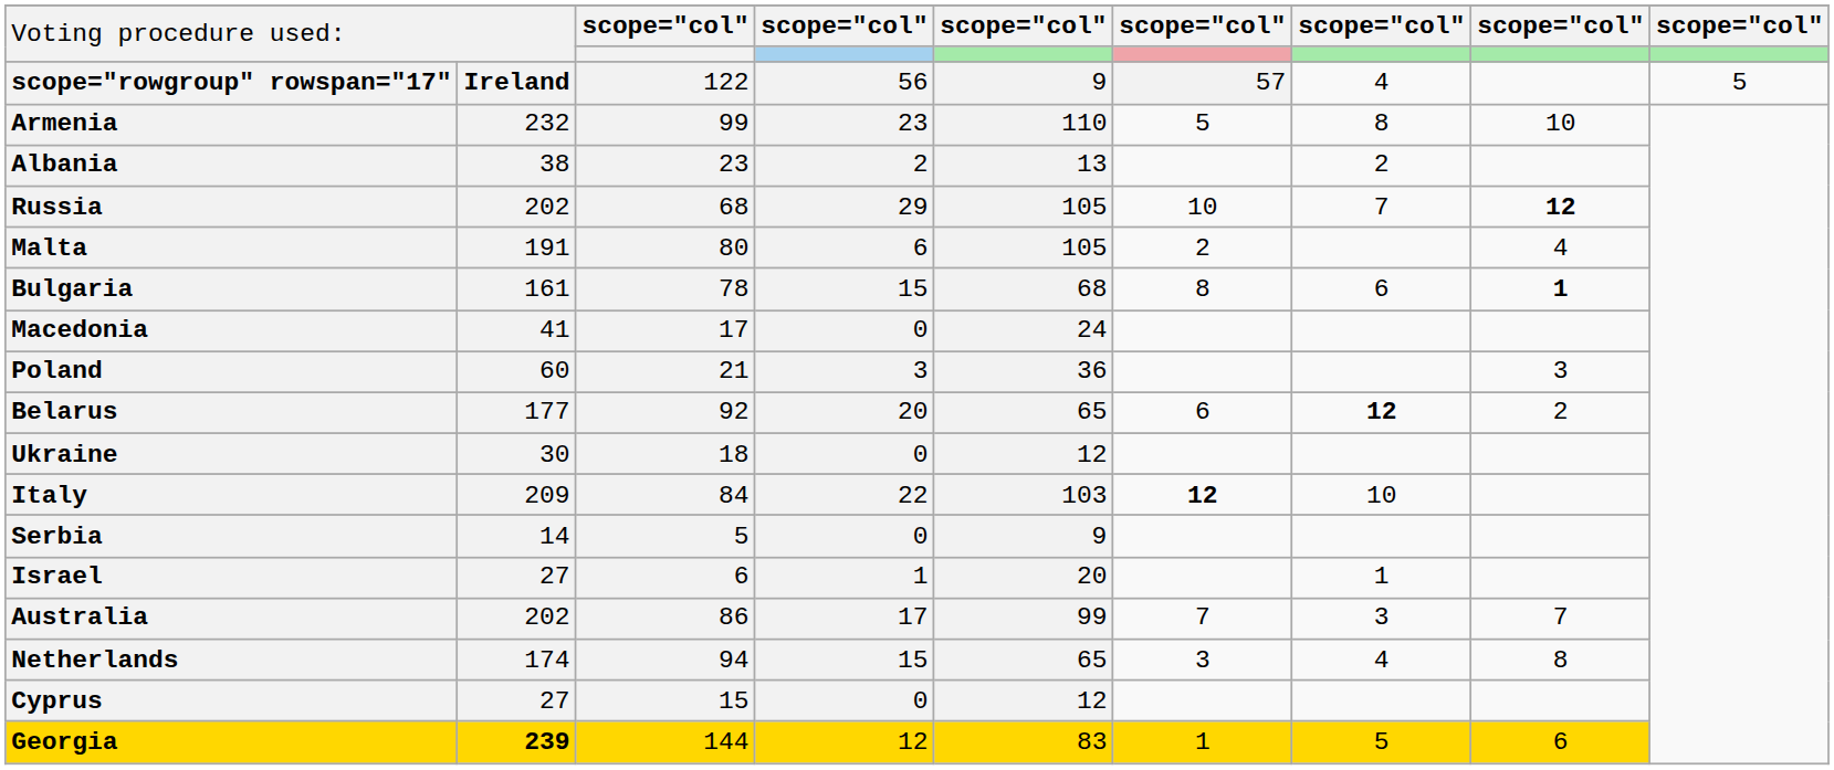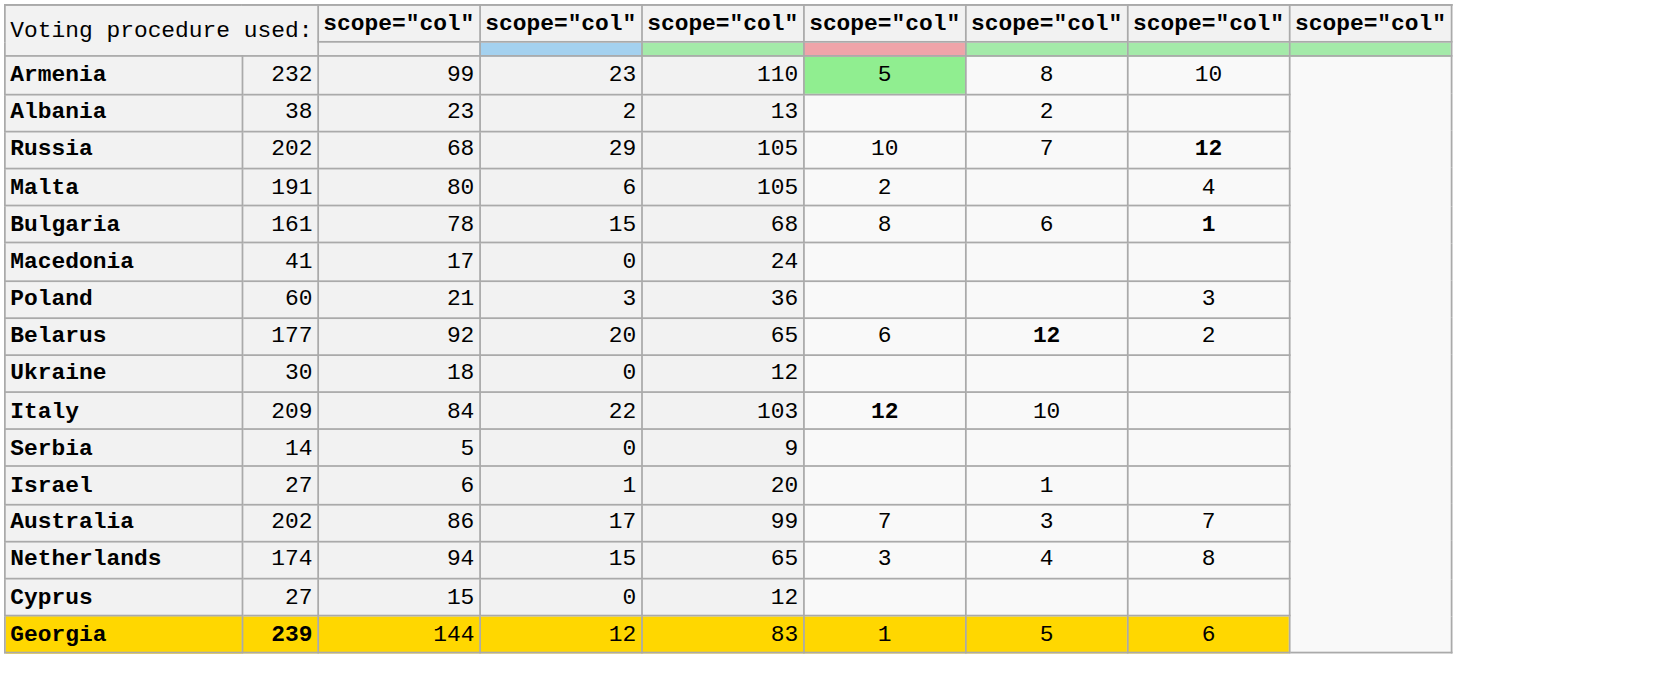 <table class="wikitable plainrowheaders" style="text-align:center;">
 <tr>
 </tr>
 <tr>
 <td colspan="2" rowspan="2" style="text-align:left; background:#F2F2F2">Voting procedure used:<br></td>
 <th>scope="col" </th>
 <th>scope="col" </th>
 <th>scope="col" </th>
 <th>scope="col" </th>
 <th>scope="col" </th>
 <th>scope="col" </th>
 <th>scope="col" </th>
 </tr>
 <tr>
 <th style="height:2px; border-top:1px solid transparent;"></th>
 <td style="background:#A4D1EF;"></td>
 <td style="background:#A4EAA9;"></td>
 <td style="background:#EFA4A9;"></td>
 <td style="background:#A4EAA9;"></td>
 <td style="background:#A4EAA9;"></td>
 <td style="background:#A4EAA9;"></td>
 </tr>
 <tr>
-<th>scope="rowgroup" rowspan="17" </th>
-<th scope="row" style="text-align:left; background:#f2f2f2;">Ireland</th>
-<td style="text-align:right; background:#f2f2f2;">122</td>
-<td style="text-align:right; background:#f2f2f2;">56</td>
-<td style="text-align:right; background:#f2f2f2;">9</td>
-<td style="text-align:right; background:#f2f2f2;">57</td>
-<td>4</td>
-<td></td>
-<td>5</td>
-</tr>
-<tr>
 <th scope="row" style="text-align:left; background:#f2f2f2;">Armenia</th>
 <td style="text-align:right; background:#f2f2f2;">232</td>
 <td style="text-align:right; background:#f2f2f2;">99</td>
 <td style="text-align:right; background:#f2f2f2;">23</td>
 <td style="text-align:right; background:#f2f2f2;">110</td>
-<td>5</td>
+<td style="background: lightgreen;">5</td>
 <td>8</td>
 <td>10</td>
 </tr>
 <tr>
 <th scope="row" style="text-align:left; background:#f2f2f2;">Albania</th>
 <td style="text-align:right; background:#f2f2f2;">38</td>
 <td style="text-align:right; background:#f2f2f2;">23</td>
 <td style="text-align:right; background:#f2f2f2;">2</td>
 <td style="text-align:right; background:#f2f2f2;">13</td>
 <td></td>
 <td>2</td>
 <td></td>
 </tr>
 <tr>
 <th scope="row" style="text-align:left; background:#f2f2f2;">Russia</th>
 <td style="text-align:right; background:#f2f2f2;">202</td>
 <td style="text-align:right; background:#f2f2f2;">68</td>
 <td style="text-align:right; background:#f2f2f2;">29</td>
 <td style="text-align:right; background:#f2f2f2;">105</td>
 <td>10</td>
 <td>7</td>
 <td><strong>12</strong></td>
 </tr>
 <tr>
 <th scope="row" style="text-align:left; background:#f2f2f2;">Malta</th>
 <td style="text-align:right; background:#f2f2f2;">191</td>
 <td style="text-align:right; background:#f2f2f2;">80</td>
 <td style="text-align:right; background:#f2f2f2;">6</td>
 <td style="text-align:right; background:#f2f2f2;">105</td>
 <td>2</td>
 <td></td>
 <td>4</td>
 </tr>
 <tr>
 <th scope="row" style="text-align:left; background:#f2f2f2;">Bulgaria</th>
 <td style="text-align:right; background:#f2f2f2;">161</td>
 <td style="text-align:right; background:#f2f2f2;">78</td>
 <td style="text-align:right; background:#f2f2f2;">15</td>
 <td style="text-align:right; background:#f2f2f2;">68</td>
 <td>8</td>
 <td>6</td>
 <td><strong>1</strong></td>
 </tr>
 <tr>
 <th scope="row" style="text-align:left; background:#f2f2f2;">Macedonia</th>
 <td style="text-align:right; background:#f2f2f2;">41</td>
 <td style="text-align:right; background:#f2f2f2;">17</td>
 <td style="text-align:right; background:#f2f2f2;">0</td>
 <td style="text-align:right; background:#f2f2f2;">24</td>
 <td></td>
 <td></td>
 <td></td>
 </tr>
 <tr>
 <th scope="row" style="text-align:left; background:#f2f2f2;">Poland</th>
 <td style="text-align:right; background:#f2f2f2;">60</td>
 <td style="text-align:right; background:#f2f2f2;">21</td>
 <td style="text-align:right; background:#f2f2f2;">3</td>
 <td style="text-align:right; background:#f2f2f2;">36</td>
 <td></td>
 <td></td>
 <td>3</td>
 </tr>
 <tr>
 <th scope="row" style="text-align:left; background:#f2f2f2;">Belarus</th>
 <td style="text-align:right; background:#f2f2f2;">177</td>
 <td style="text-align:right; background:#f2f2f2;">92</td>
 <td style="text-align:right; background:#f2f2f2;">20</td>
 <td style="text-align:right; background:#f2f2f2;">65</td>
 <td>6</td>
 <td><strong>12</strong></td>
 <td>2</td>
 </tr>
 <tr>
 <th scope="row" style="text-align:left; background:#f2f2f2;">Ukraine</th>
 <td style="text-align:right; background:#f2f2f2;">30</td>
 <td style="text-align:right; background:#f2f2f2;">18</td>
 <td style="text-align:right; background:#f2f2f2;">0</td>
 <td style="text-align:right; background:#f2f2f2;">12</td>
 <td></td>
 <td></td>
 <td></td>
 </tr>
 <tr>
 <th scope="row" style="text-align:left; background:#f2f2f2;">Italy</th>
 <td style="text-align:right; background:#f2f2f2;">209</td>
 <td style="text-align:right; background:#f2f2f2;">84</td>
 <td style="text-align:right; background:#f2f2f2;">22</td>
 <td style="text-align:right; background:#f2f2f2;">103</td>
 <td><strong>12</strong></td>
 <td>10</td>
 <td></td>
 </tr>
 <tr>
 <th scope="row" style="text-align:left; background:#f2f2f2;">Serbia</th>
 <td style="text-align:right; background:#f2f2f2;">14</td>
 <td style="text-align:right; background:#f2f2f2;">5</td>
 <td style="text-align:right; background:#f2f2f2;">0</td>
 <td style="text-align:right; background:#f2f2f2;">9</td>
 <td></td>
 <td></td>
 <td></td>
 </tr>
 <tr>
 <th scope="row" style="text-align:left; background:#f2f2f2;">Israel</th>
 <td style="text-align:right; background:#f2f2f2;">27</td>
 <td style="text-align:right; background:#f2f2f2;">6</td>
 <td style="text-align:right; background:#f2f2f2;">1</td>
 <td style="text-align:right; background:#f2f2f2;">20</td>
 <td></td>
 <td>1</td>
 <td></td>
 </tr>
 <tr>
 <th scope="row" style="text-align:left; background:#f2f2f2;">Australia</th>
 <td style="text-align:right; background:#f2f2f2;">202</td>
 <td style="text-align:right; background:#f2f2f2;">86</td>
 <td style="text-align:right; background:#f2f2f2;">17</td>
 <td style="text-align:right; background:#f2f2f2;">99</td>
 <td>7</td>
 <td>3</td>
 <td>7</td>
 </tr>
 <tr>
 <th scope="row" style="text-align:left; background:#f2f2f2;">Netherlands</th>
 <td style="text-align:right; background:#f2f2f2;">174</td>
 <td style="text-align:right; background:#f2f2f2;">94</td>
 <td style="text-align:right; background:#f2f2f2;">15</td>
 <td style="text-align:right; background:#f2f2f2;">65</td>
 <td>3</td>
 <td>4</td>
 <td>8</td>
 </tr>
 <tr>
 <th scope="row" style="text-align:left; background:#f2f2f2;">Cyprus</th>
 <td style="text-align:right; background:#f2f2f2;">27</td>
 <td style="text-align:right; background:#f2f2f2;">15</td>
 <td style="text-align:right; background:#f2f2f2;">0</td>
 <td style="text-align:right; background:#f2f2f2;">12</td>
 <td></td>
 <td></td>
 <td></td>
 </tr>
 <tr style="background:gold;">
 <th scope="row" style="text-align:left; font-weight:bold; background:gold;">Georgia</th>
 <td style="text-align:right; font-weight:bold;">239</td>
 <td style="text-align:right;">144</td>
 <td style="text-align:right;">12</td>
 <td style="text-align:right;">83</td>
 <td>1</td>
 <td>5</td>
 <td>6</td>
 </tr>
 </table>
